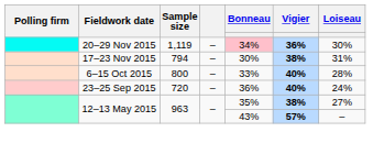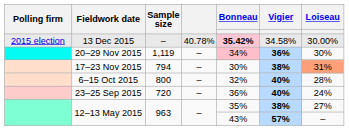 <table class="wikitable sortable" style="text-align:center;font-size:90%;line-height:14px;">
 <tr style="height:40px;">
 <th style="width:100px;" rowspan="2">Polling firm</th>
 <th style="width:110px;" rowspan="2">Fieldwork date</th>
 <th style="width:35px;" rowspan="2">Sample<br>size</th>
 <th style="width:30px;" rowspan="2"></th>
 <th class="unsortable" style="width:60px;"><a href='#'>Bonneau</a><br></th>
 <th class="unsortable" style="width:60px;"><a href='#'>Vigier</a><br></th>
 <th class="unsortable" style="width:60px;"><a href='#'>Loiseau</a><br></th>
 </tr>
 <tr>
 <th style="background:"></th>
 <th style="background:"></th>
 <th style="background:"></th>
+</tr>
+<tr style="background:#E9E9E9;">
+<td><a href='#'>2015 election</a></td>
+<td data-sort-value="2015-12-13">13 Dec 2015</td>
+<td>–</td>
+<td>40.78%</td>
+<td style="background:#FFC6D5;"><strong>35.42%</strong></td>
+<td>34.58%</td>
+<td>30.00%</td>
 </tr>
 <tr>
 <td style="background:#04FBF4;"></td>
 <td data-sort-value="2015-11-29">20–29 Nov 2015</td>
 <td>1,119</td>
 <td>–</td>
 <td style="background: pink;">34%</td>
 <td style="background:#B9DAFF;"><strong>36%</strong></td>
 <td>30%</td>
 </tr>
 <tr>
 <td style="background:#FFDFCC;"></td>
 <td data-sort-value="2015-11-23">17–23 Nov 2015</td>
 <td>794</td>
 <td>–</td>
 <td>30%</td>
 <td style="background:#B9DAFF;"><strong>38%</strong></td>
-<td>31%</td>
+<td style="background: lightsalmon;">31%</td>
 </tr>
 <tr>
 <td style="background:#FFDFCC;"></td>
 <td data-sort-value="2015-10-15">6–15 Oct 2015</td>
 <td>800</td>
 <td>–</td>
-<td>33%</td>
+<td>32%</td>
 <td style="background:#B9DAFF;"><strong>40%</strong></td>
 <td>28%</td>
 </tr>
 <tr>
 <td style="background:#FFCCCC;"></td>
 <td data-sort-value="2015-09-25">23–25 Sep 2015</td>
 <td>720</td>
 <td>–</td>
 <td>36%</td>
 <td style="background:#B9DAFF;"><strong>40%</strong></td>
 <td>24%</td>
 </tr>
 <tr>
 <td rowspan="2" style="background:aquamarine;"></td>
 <td rowspan="2" data-sort-value="2015-05-13">12–13 May 2015</td>
 <td rowspan="2">963</td>
 <td rowspan="2">–</td>
 <td>35%</td>
 <td style="background:#B9DAFF;"><strong>38%</strong></td>
 <td>27%</td>
 </tr>
 <tr>
 <td>43%</td>
 <td style="background:#B9DAFF;"><strong>57%</strong></td>
 <td>–</td>
 </tr>
 </table>
